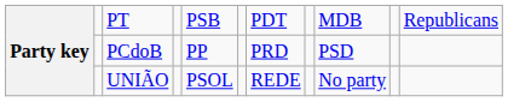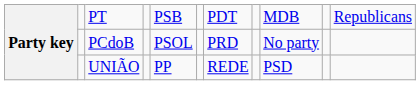 <table class=wikitable>
 <tr>
 <th rowspan=3>Party key</th>
 <td></td>
 <td><a href='#'>PT</a></td>
 <td></td>
 <td><a href='#'>PSB</a></td>
 <td></td>
 <td><a href='#'>PDT</a></td>
 <td></td>
 <td><a href='#'>MDB</a></td>
 <td></td>
 <td><a href='#'>Republicans</a></td>
 </tr>
 <tr>
 <td></td>
 <td><a href='#'>PCdoB</a></td>
 <td></td>
-<td><a href='#'>PP</a></td>
+<td><a href='#'>PSOL</a></td>
 <td></td>
 <td><a href='#'>PRD</a></td>
 <td></td>
-<td><a href='#'>PSD</a></td>
+<td><a href='#'>No party</a></td>
 <td></td>
 <td></td>
 </tr>
 <tr>
 <td></td>
 <td><a href='#'>UNIÃO</a></td>
 <td></td>
-<td><a href='#'>PSOL</a></td>
+<td><a href='#'>PP</a></td>
 <td></td>
 <td><a href='#'>REDE</a></td>
 <td></td>
-<td><a href='#'>No party</a></td>
+<td><a href='#'>PSD</a></td>
 <td></td>
 <td></td>
 </tr>
 </table>
